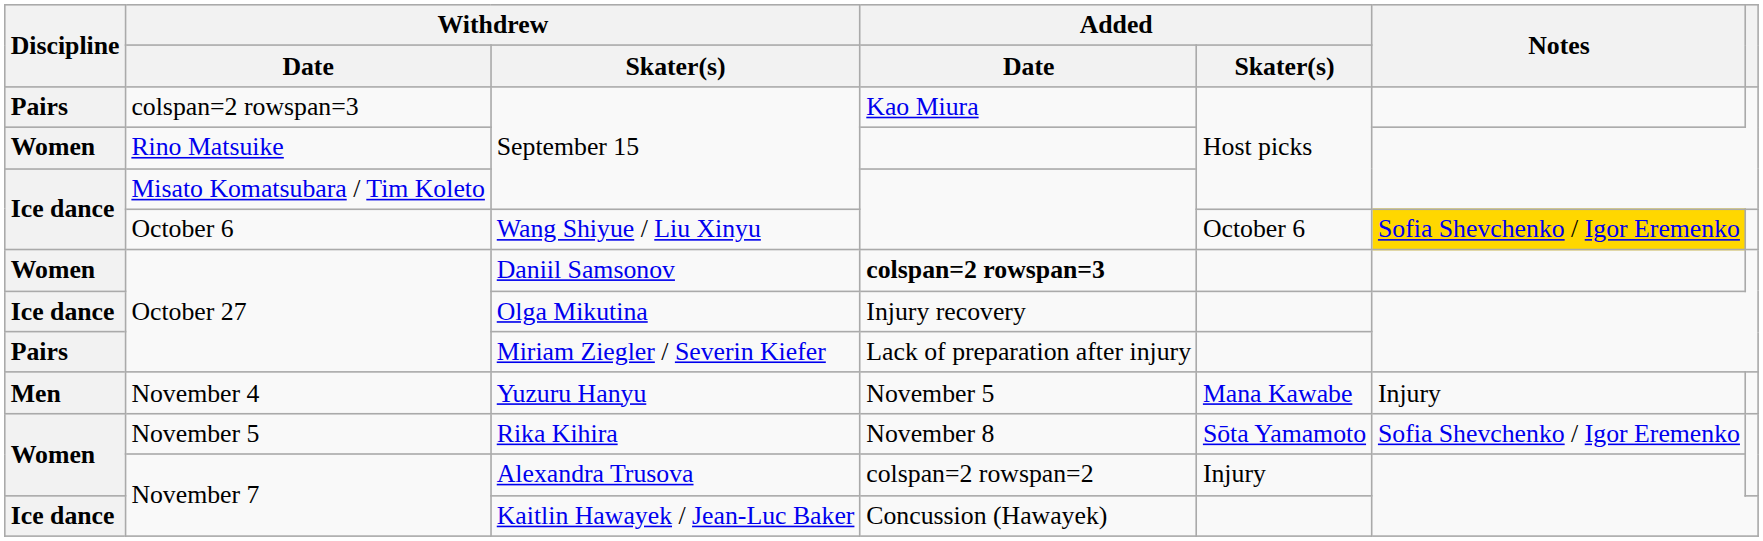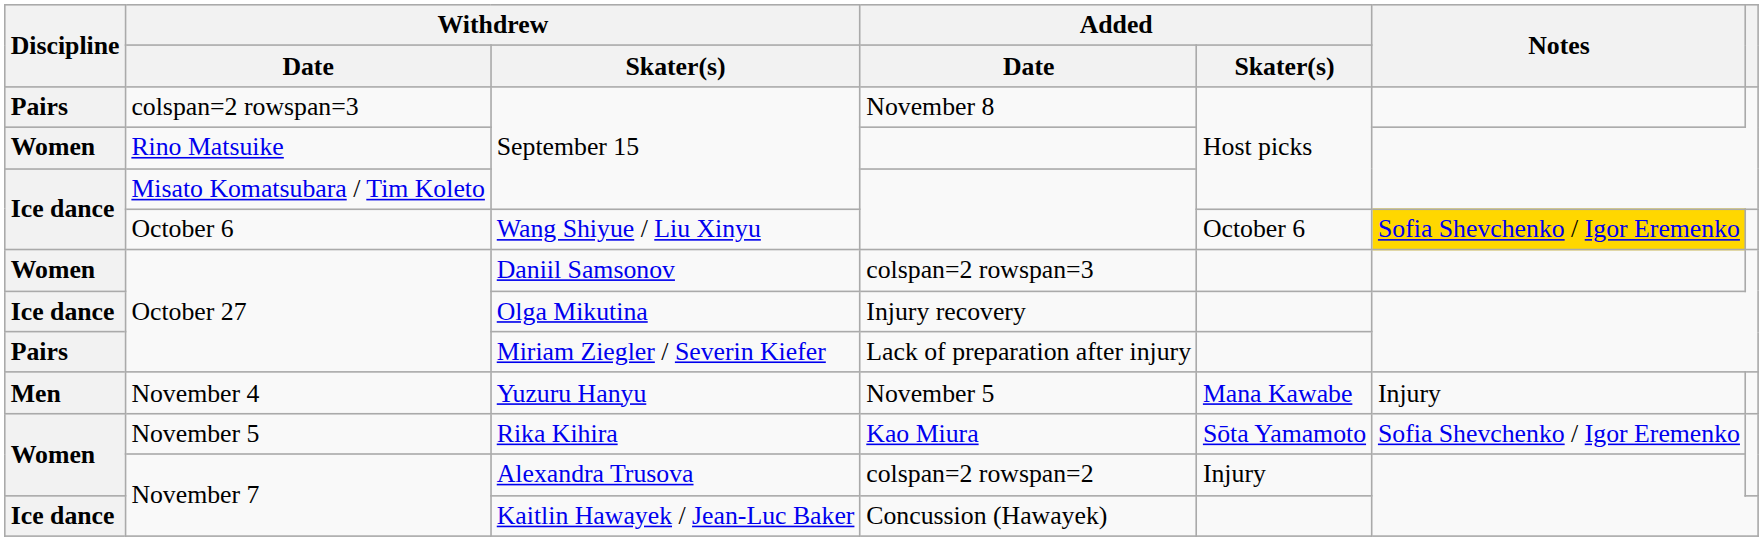 <table class="wikitable unsortable">
 <tr>
 <th scope="col" rowspan=2>Discipline</th>
 <th scope="col" colspan=2>Withdrew</th>
 <th scope="col" colspan=2>Added</th>
 <th scope="col" rowspan=2>Notes</th>
 <th scope="col" rowspan=2></th>
 </tr>
 <tr>
 <th>Date</th>
 <th>Skater(s)</th>
 <th>Date</th>
 <th>Skater(s)</th>
 </tr>
 <tr>
 <th scope="row" style="text-align:left">Pairs</th>
 <td>colspan=2 rowspan=3 </td>
 <td rowspan=3>September 15</td>
-<td> <a href='#'>Kao Miura</a></td>
+<td>November 8</td>
 <td rowspan=3>Host picks</td>
 <td></td>
 </tr>
 <tr>
 <th scope="row" style="text-align:left">Women</th>
 <td> <a href='#'>Rino Matsuike</a></td>
 <td></td>
 </tr>
 <tr>
 <th scope="row" style="text-align:left" rowspan=2>Ice dance</th>
 <td> <a href='#'>Misato Komatsubara</a> / <a href='#'>Tim Koleto</a></td>
 <td rowspan=2></td>
 </tr>
 <tr>
 <td>October 6</td>
 <td> <a href='#'>Wang Shiyue</a> / <a href='#'>Liu Xinyu</a></td>
 <td>October 6</td>
 <td style="background: gold;"> <a href='#'>Sofia Shevchenko</a> / <a href='#'>Igor Eremenko</a></td>
 <td></td>
 </tr>
 <tr>
 <th scope="row" style="text-align:left">Women</th>
 <td rowspan=3>October 27</td>
 <td> <a href='#'>Daniil Samsonov</a></td>
-<td><strong>colspan=2 rowspan=3 </strong></td>
+<td>colspan=2 rowspan=3 </td>
 <td></td>
 <td></td>
 </tr>
 <tr>
 <th scope="row" style="text-align:left">Ice dance</th>
 <td> <a href='#'>Olga Mikutina</a></td>
 <td>Injury recovery</td>
 <td></td>
 </tr>
 <tr>
 <th scope="row" style="text-align:left">Pairs</th>
 <td> <a href='#'>Miriam Ziegler</a> / <a href='#'>Severin Kiefer</a></td>
 <td>Lack of preparation after injury</td>
 <td></td>
 </tr>
 <tr>
 <th scope="row" style="text-align:left">Men</th>
 <td>November 4</td>
 <td> <a href='#'>Yuzuru Hanyu</a></td>
 <td>November 5</td>
 <td> <a href='#'>Mana Kawabe</a></td>
 <td>Injury</td>
 <td></td>
 </tr>
 <tr>
 <th scope="row" style="text-align:left" rowspan=2>Women</th>
 <td>November 5</td>
 <td> <a href='#'>Rika Kihira</a></td>
-<td>November 8</td>
+<td> <a href='#'>Kao Miura</a></td>
 <td> <a href='#'>Sōta Yamamoto</a></td>
 <td> <a href='#'>Sofia Shevchenko</a> / <a href='#'>Igor Eremenko</a></td>
 <td rowspan=2></td>
 </tr>
 <tr>
 <td rowspan=2>November 7</td>
 <td> <a href='#'>Alexandra Trusova</a></td>
 <td>colspan=2 rowspan=2 </td>
 <td>Injury</td>
 </tr>
 <tr>
 <th scope="row" style="text-align:left">Ice dance</th>
 <td> <a href='#'>Kaitlin Hawayek</a> / <a href='#'>Jean-Luc Baker</a></td>
 <td>Concussion (Hawayek)</td>
 <td></td>
 </tr>
 </table>
